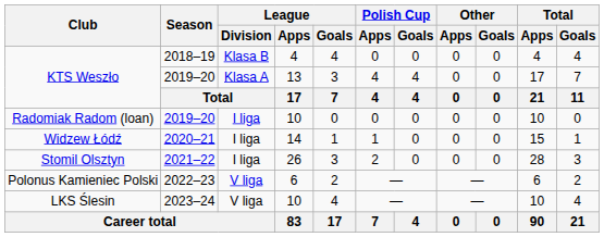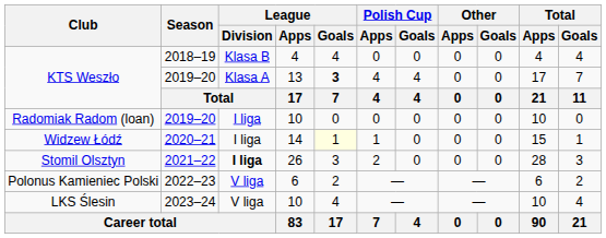 <table class="wikitable" style="text-align: center;">
 <tr>
 <th rowspan="2">Club</th>
 <th rowspan="2">Season</th>
 <th colspan="3">League</th>
 <th colspan="2"><a href='#'>Polish Cup</a></th>
 <th colspan="2">Other</th>
 <th colspan="2">Total</th>
 </tr>
 <tr>
 <th>Division</th>
 <th>Apps</th>
 <th>Goals</th>
 <th>Apps</th>
 <th>Goals</th>
 <th>Apps</th>
 <th>Goals</th>
 <th>Apps</th>
 <th>Goals</th>
 </tr>
 <tr>
 <td rowspan=3 align="center"><a href='#'>KTS Weszło</a></td>
 <td>2018–19</td>
 <td><a href='#'>Klasa B</a></td>
 <td>4</td>
 <td>4</td>
 <td>0</td>
 <td>0</td>
 <td>0</td>
 <td>0</td>
 <td>4</td>
 <td>4</td>
 </tr>
 <tr>
 <td>2019–20</td>
 <td><a href='#'>Klasa A</a></td>
 <td>13</td>
-<td>3</td>
+<td><strong>3</strong></td>
 <td>4</td>
 <td>4</td>
 <td>0</td>
 <td>0</td>
 <td>17</td>
 <td>7</td>
 </tr>
 <tr>
 <th colspan="2">Total</th>
 <th>17</th>
 <th>7</th>
 <th>4</th>
 <th>4</th>
 <th>0</th>
 <th>0</th>
 <th>21</th>
 <th>11</th>
 </tr>
 <tr>
 <td valign="center"><a href='#'>Radomiak Radom</a> (loan)</td>
 <td><a href='#'>2019–20</a></td>
 <td><a href='#'>I liga</a></td>
 <td>10</td>
 <td>0</td>
 <td>0</td>
 <td>0</td>
 <td>0</td>
 <td>0</td>
 <td>10</td>
 <td>0</td>
 </tr>
 <tr>
 <td valign="center"><a href='#'>Widzew Łódź</a></td>
 <td><a href='#'>2020–21</a></td>
 <td>I liga</td>
 <td>14</td>
-<td>1</td>
+<td style="background: lightyellow;">1</td>
 <td>1</td>
 <td>0</td>
 <td>0</td>
 <td>0</td>
 <td>15</td>
 <td>1</td>
 </tr>
 <tr>
 <td valign="center"><a href='#'>Stomil Olsztyn</a></td>
 <td><a href='#'>2021–22</a></td>
-<td>I liga</td>
+<td><strong>I liga</strong></td>
 <td>26</td>
 <td>3</td>
 <td>2</td>
 <td>0</td>
 <td>0</td>
 <td>0</td>
 <td>28</td>
 <td>3</td>
 </tr>
 <tr>
 <td valign="center">Polonus Kamieniec Polski</td>
 <td>2022–23</td>
 <td><a href='#'>V liga</a></td>
 <td>6</td>
 <td>2</td>
 <td colspan="2">—</td>
 <td colspan="2">—</td>
 <td>6</td>
 <td>2</td>
 </tr>
 <tr>
 <td valign="center">LKS Ślesin</td>
 <td>2023–24</td>
 <td>V liga</td>
 <td>10</td>
 <td>4</td>
 <td colspan="2">—</td>
 <td colspan="2">—</td>
 <td>10</td>
 <td>4</td>
 </tr>
 <tr>
 <th colspan="3">Career total</th>
 <th>83</th>
 <th>17</th>
 <th>7</th>
 <th>4</th>
 <th>0</th>
 <th>0</th>
 <th>90</th>
 <th>21</th>
 </tr>
 </table>
